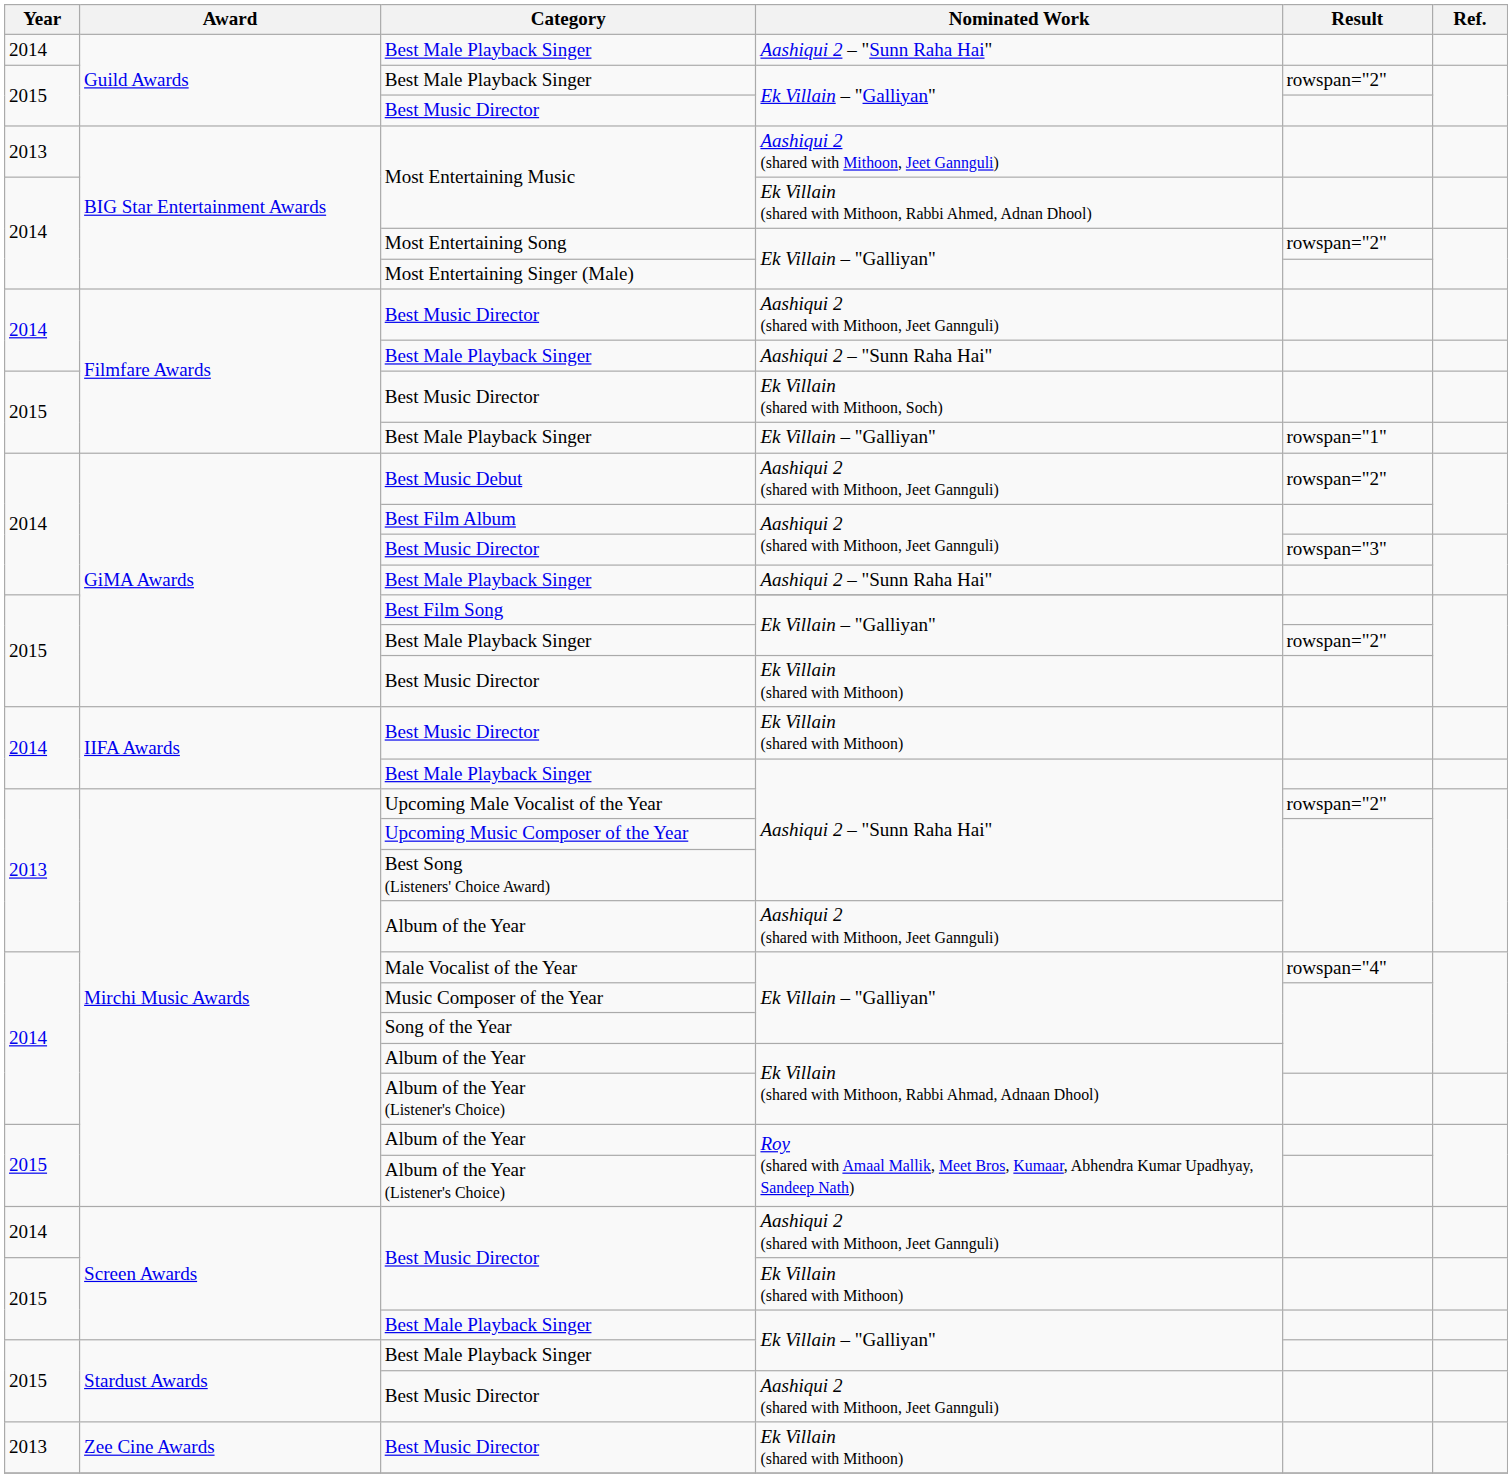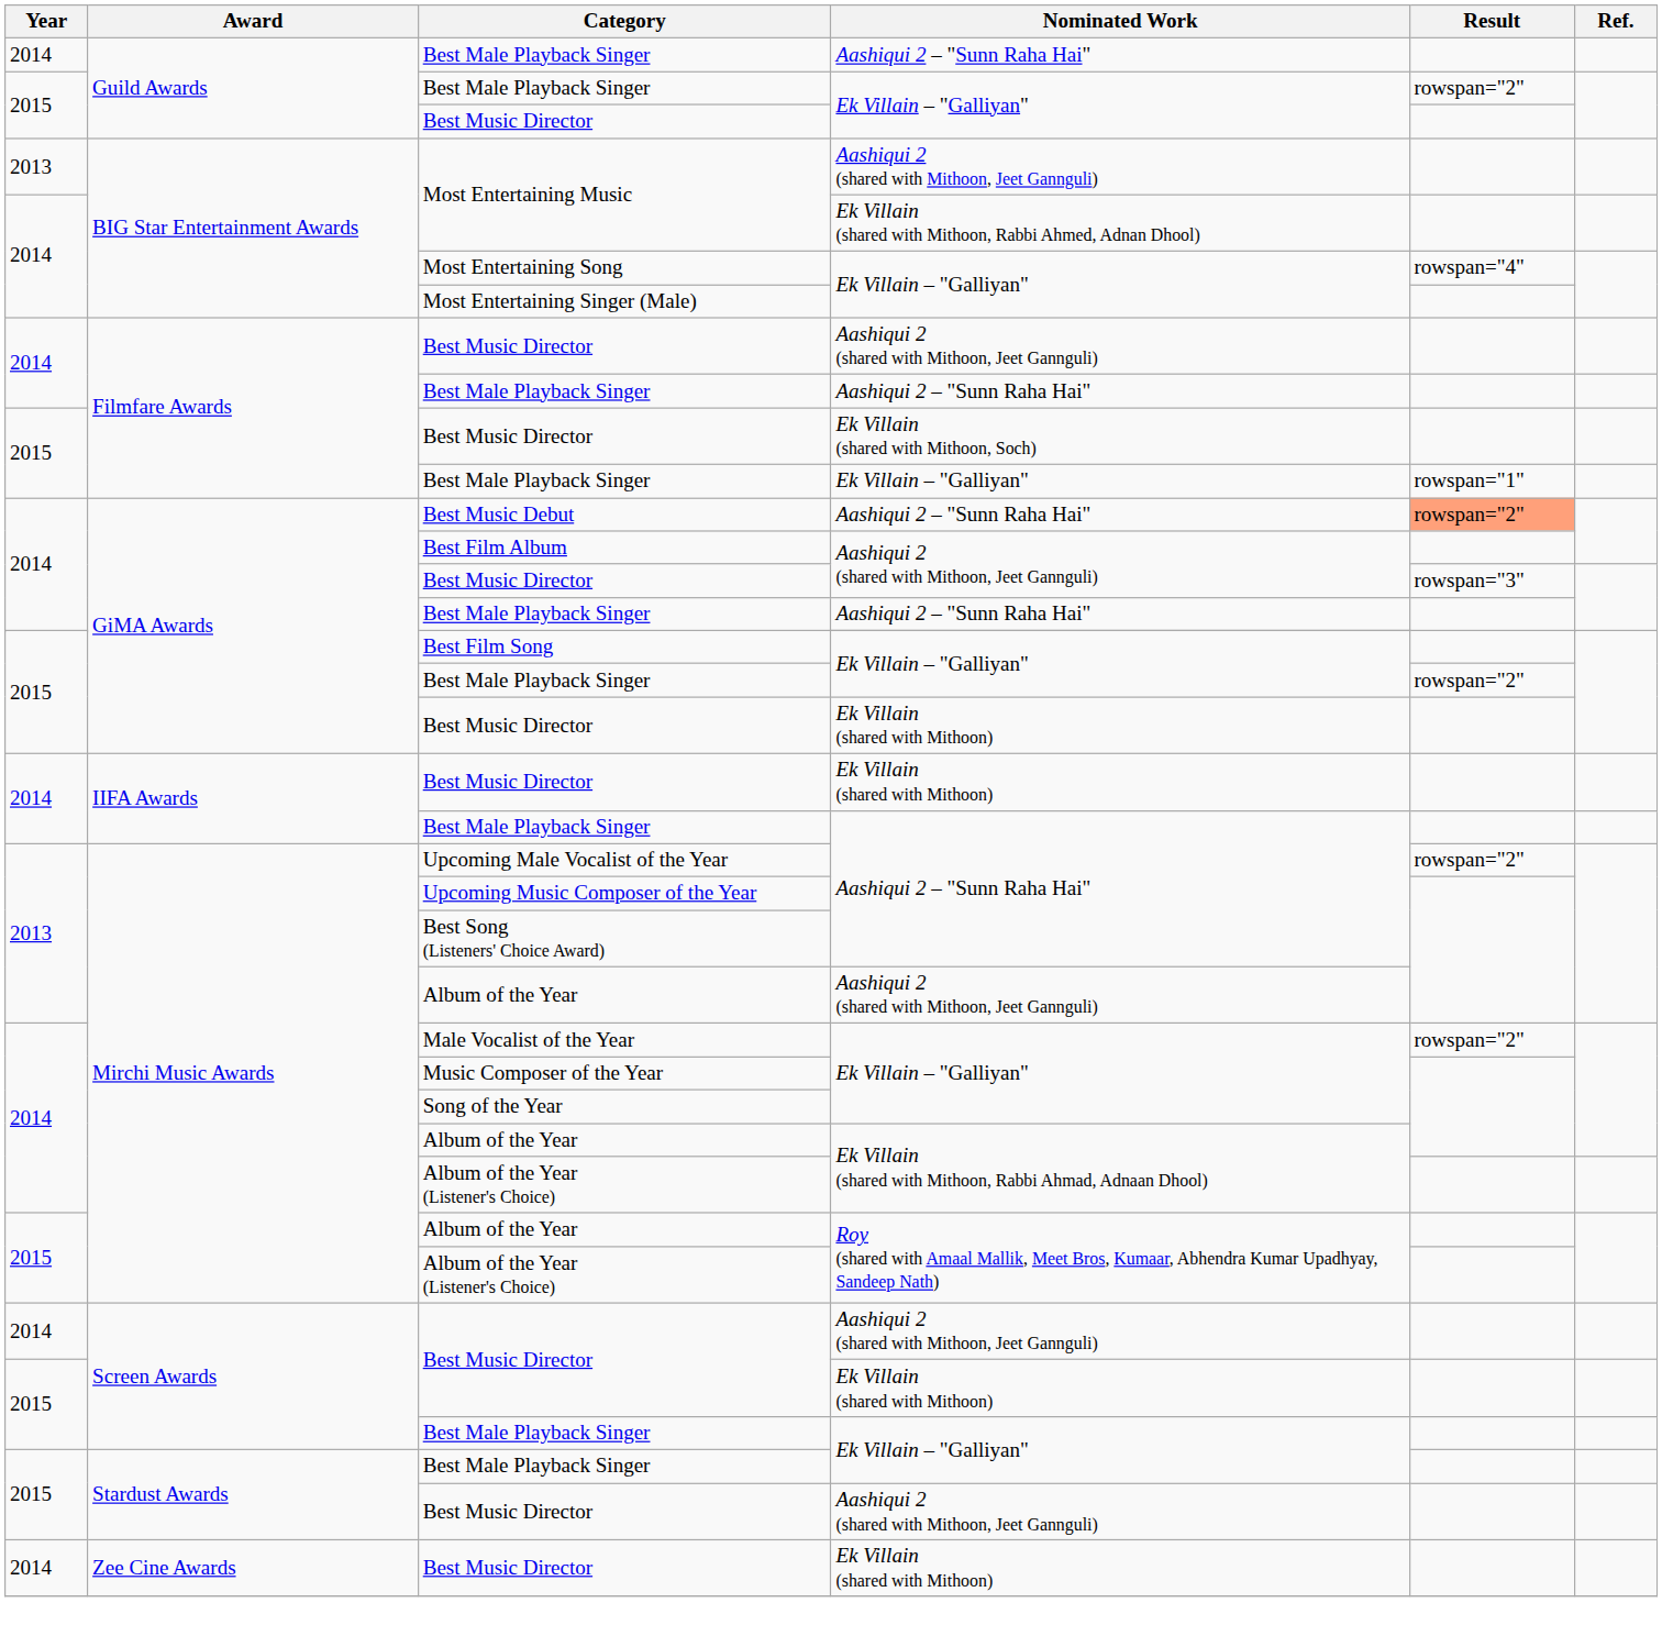 <table class="wikitable sortable plainrowheaders" width=100%>
 <tr>
 <th width=5%>Year</th>
 <th width=20%>Award</th>
 <th width=25%>Category</th>
 <th width=35%>Nominated Work</th>
 <th width=10%>Result</th>
 <th width=5%>Ref.</th>
 </tr>
 <tr>
 <td>2014</td>
 <td rowspan="3"><a href='#'>Guild Awards</a></td>
 <td><a href='#'>Best Male Playback Singer</a></td>
 <td><em><a href='#'>Aashiqui 2</a></em> – "<a href='#'>Sunn Raha Hai</a>"</td>
 <td></td>
 <td></td>
 </tr>
 <tr>
 <td rowspan="2">2015</td>
 <td>Best Male Playback Singer</td>
 <td rowspan="2"><em><a href='#'>Ek Villain</a></em> – "<a href='#'>Galliyan</a>"</td>
 <td>rowspan="2" </td>
 <td rowspan="2"></td>
 </tr>
 <tr>
 <td><a href='#'>Best Music Director</a></td>
 </tr>
 <tr>
 <td>2013</td>
 <td rowspan="4"><a href='#'>BIG Star Entertainment Awards</a></td>
 <td rowspan="2">Most Entertaining Music</td>
 <td><em><a href='#'>Aashiqui 2</a></em><br><small>(shared with <a href='#'>Mithoon</a>, <a href='#'>Jeet Gannguli</a>)</small></td>
 <td></td>
 <td></td>
 </tr>
 <tr>
 <td rowspan="3">2014</td>
 <td><em>Ek Villain</em><br><small>(shared with Mithoon, Rabbi Ahmed, Adnan Dhool)</small></td>
 <td></td>
 <td></td>
 </tr>
 <tr>
 <td>Most Entertaining Song</td>
 <td rowspan="2"><em>Ek Villain</em> – "Galliyan"</td>
-<td>rowspan="2" </td>
+<td>rowspan="4" </td>
 <td rowspan="2"></td>
 </tr>
 <tr>
 <td>Most Entertaining Singer (Male)</td>
 </tr>
 <tr>
 <td rowspan="2"><a href='#'>2014</a></td>
 <td rowspan="4"><a href='#'>Filmfare Awards</a></td>
 <td><a href='#'>Best Music Director</a></td>
 <td><em>Aashiqui 2</em><br><small>(shared with Mithoon, Jeet Gannguli)</small></td>
 <td></td>
 <td></td>
 </tr>
 <tr>
 <td><a href='#'>Best Male Playback Singer</a></td>
 <td><em>Aashiqui 2</em> – "Sunn Raha Hai"</td>
 <td></td>
 <td></td>
 </tr>
 <tr>
 <td rowspan="2">2015</td>
 <td>Best Music Director</td>
 <td><em>Ek Villain</em><br><small>(shared with Mithoon, Soch)</small></td>
 <td></td>
 <td></td>
 </tr>
 <tr>
 <td>Best Male Playback Singer</td>
 <td><em>Ek Villain</em> – "Galliyan"</td>
 <td>rowspan="1" </td>
 <td></td>
 </tr>
 <tr>
 <td rowspan="5">2014</td>
 <td rowspan="8"><a href='#'>GiMA Awards</a></td>
 <td><a href='#'>Best Music Debut</a></td>
-<td><em>Aashiqui 2</em><br><small>(shared with Mithoon, Jeet Gannguli)</small></td>
-<td>rowspan="2" </td>
+<td><em>Aashiqui 2</em> – "Sunn Raha Hai"</td>
+<td style="background: lightsalmon;">rowspan="2" </td>
 <td rowspan="2"></td>
 </tr>
 <tr>
 <td><a href='#'>Best Film Album</a></td>
 <td rowspan="2"><em>Aashiqui 2</em><br><small>(shared with Mithoon, Jeet Gannguli)</small></td>
 </tr>
 <tr>
 <td><a href='#'>Best Music Director</a></td>
 <td>rowspan="3" </td>
 <td rowspan="3"></td>
 </tr>
 <tr>
 <td><a href='#'>Best Male Playback Singer</a></td>
 <td><em>Aashiqui 2</em> – "Sunn Raha Hai"</td>
 </tr>
 <tr>
 <td rowspan="2"><a href='#'>Best Film Song</a></td>
 </tr>
 <tr>
 <td rowspan="3">2015</td>
 <td rowspan="2"><em>Ek Villain</em> – "Galliyan"</td>
 <td></td>
 <td rowspan="3"></td>
 </tr>
 <tr>
 <td>Best Male Playback Singer</td>
 <td>rowspan="2" </td>
 </tr>
 <tr>
 <td>Best Music Director</td>
 <td><em>Ek Villain</em><br><small>(shared with Mithoon)</small></td>
 </tr>
 <tr>
 <td rowspan="2"><a href='#'>2014</a></td>
 <td rowspan="2"><a href='#'>IIFA Awards</a></td>
 <td><a href='#'>Best Music Director</a></td>
 <td><em>Ek Villain</em><br><small>(shared with Mithoon)</small></td>
 <td></td>
 <td></td>
 </tr>
 <tr>
 <td><a href='#'>Best Male Playback Singer</a></td>
 <td rowspan="4"><em>Aashiqui 2</em> – "Sunn Raha Hai"</td>
 <td></td>
 <td></td>
 </tr>
 <tr>
 <td rowspan="4"><a href='#'>2013</a></td>
 <td rowspan="11"><a href='#'>Mirchi Music Awards</a></td>
 <td>Upcoming Male Vocalist of the Year</td>
 <td>rowspan="2" </td>
 <td rowspan="4"></td>
 </tr>
 <tr>
 <td><a href='#'>Upcoming Music Composer of the Year</a></td>
 </tr>
 <tr>
 <td>Best Song<br><small>(Listeners' Choice Award)</small></td>
 </tr>
 <tr>
 <td>Album of the Year</td>
 <td><em>Aashiqui 2</em><br><small>(shared with Mithoon, Jeet Gannguli)</small></td>
 </tr>
 <tr>
 <td rowspan="5"><a href='#'>2014</a></td>
 <td>Male Vocalist of the Year</td>
 <td rowspan="3"><em>Ek Villain</em> – "Galliyan"</td>
-<td>rowspan="4" </td>
+<td>rowspan="2" </td>
 <td rowspan="4"></td>
 </tr>
 <tr>
 <td>Music Composer of the Year</td>
 </tr>
 <tr>
 <td>Song of the Year</td>
 </tr>
 <tr>
 <td>Album of the Year</td>
 <td rowspan="2"><em>Ek Villain</em><br><small>(shared with Mithoon, Rabbi Ahmad, Adnaan Dhool)</small></td>
 </tr>
 <tr>
 <td>Album of the Year<br><small>(Listener's Choice)</small></td>
 <td></td>
 <td></td>
 </tr>
 <tr>
 <td rowspan="2"><a href='#'>2015</a></td>
 <td>Album of the Year</td>
 <td rowspan="2"><em><a href='#'>Roy</a></em><br><small>(shared with <a href='#'>Amaal Mallik</a>, <a href='#'>Meet Bros</a>, <a href='#'>Kumaar</a>, Abhendra Kumar Upadhyay, <a href='#'>Sandeep Nath</a>)</small></td>
 <td></td>
 <td rowspan="2"></td>
 </tr>
 <tr>
 <td>Album of the Year<br><small>(Listener's Choice)</small></td>
 <td></td>
 </tr>
 <tr>
 <td>2014</td>
 <td rowspan="3"><a href='#'>Screen Awards</a></td>
 <td rowspan="2"><a href='#'>Best Music Director</a></td>
 <td><em>Aashiqui 2</em><br> <small>(shared with Mithoon, Jeet Gannguli)</small></td>
 <td></td>
 <td></td>
 </tr>
 <tr>
 <td rowspan="2">2015</td>
 <td><em>Ek Villain</em><br><small>(shared with Mithoon)</small></td>
 <td></td>
 <td></td>
 </tr>
 <tr>
 <td><a href='#'>Best Male Playback Singer</a></td>
 <td rowspan="2"><em>Ek Villain</em> – "Galliyan"</td>
 <td></td>
 <td></td>
 </tr>
 <tr>
 <td rowspan="2">2015</td>
 <td rowspan="2"><a href='#'>Stardust Awards</a></td>
 <td>Best Male Playback Singer</td>
 <td></td>
 <td></td>
 </tr>
 <tr>
 <td>Best Music Director</td>
 <td><em>Aashiqui 2</em><br><small>(shared with Mithoon, Jeet Gannguli)</small></td>
 <td></td>
 <td></td>
 </tr>
 <tr>
-<td>2013</td>
+<td>2014</td>
 <td><a href='#'>Zee Cine Awards</a></td>
 <td><a href='#'>Best Music Director</a></td>
 <td><em>Ek Villain</em><br><small>(shared with Mithoon)</small></td>
 <td></td>
 <td></td>
 </tr>
 <tr>
 </tr>
 </table>
